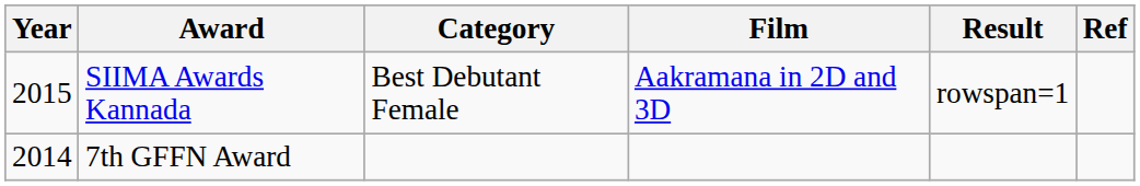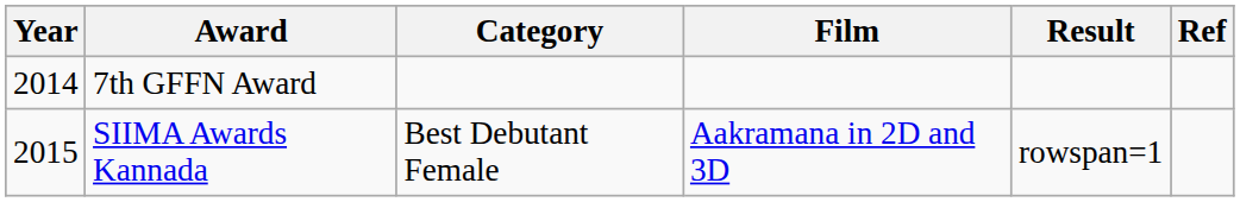 <table class="wikitable sortable">
 <tr>
 <th>Year</th>
 <th>Award</th>
 <th>Category</th>
 <th>Film</th>
 <th>Result</th>
 <th>Ref</th>
 </tr>
 <tr>
+<td>2014</td>
+<td>7th GFFN Award</td>
+<td></td>
+<td></td>
+<td></td>
+<td></td>
+</tr>
+<tr>
 <td>2015</td>
 <td><a href='#'>SIIMA Awards Kannada</a></td>
 <td>Best Debutant Female</td>
 <td><a href='#'>Aakramana in 2D and 3D</a></td>
 <td>rowspan=1 </td>
 <td></td>
 </tr>
-<tr>
-<td>2014</td>
-<td>7th GFFN Award</td>
-<td></td>
-<td></td>
-<td></td>
-<td></td>
-</tr>
 </table>
